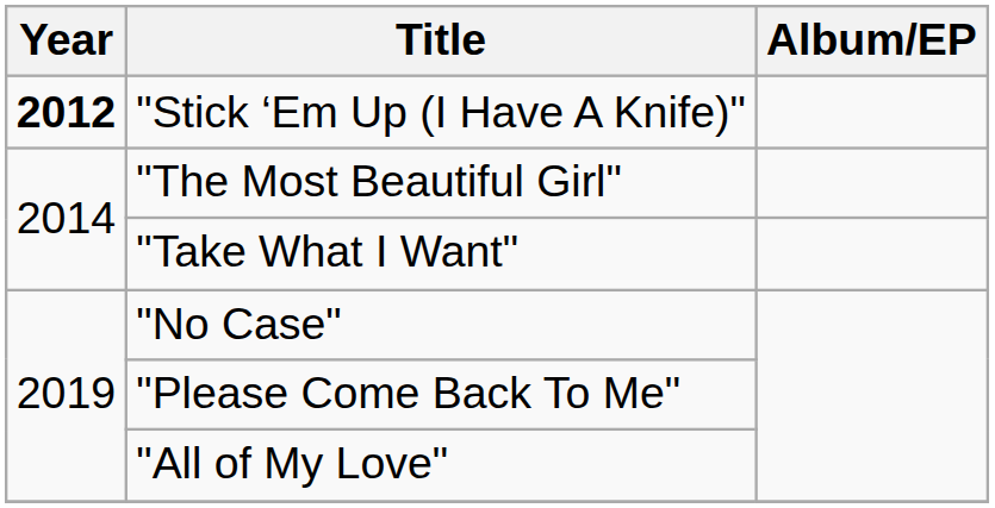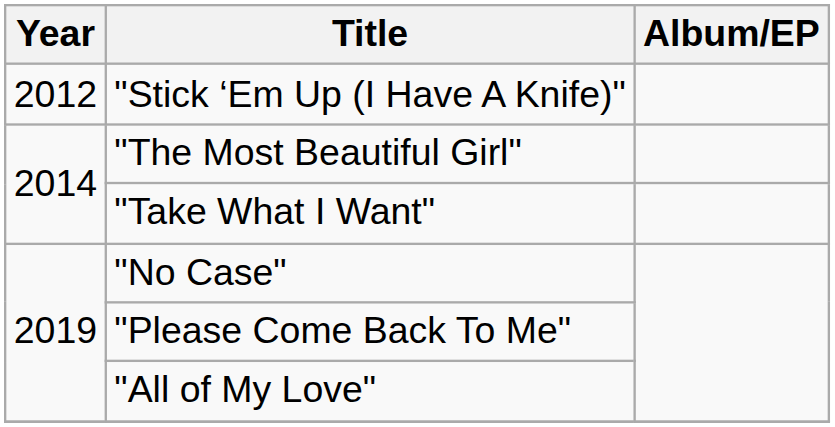 <table class="wikitable">
 <tr>
 <th>Year</th>
 <th>Title</th>
 <th>Album/EP</th>
 </tr>
 <tr>
-<td><strong>2012</strong></td>
+<td>2012</td>
 <td>"Stick ‘Em Up (I Have A Knife)"</td>
 <td></td>
 </tr>
 <tr>
 <td rowspan="2">2014</td>
 <td>"The Most Beautiful Girl"</td>
 <td></td>
 </tr>
 <tr>
 <td>"Take What I Want"</td>
 <td></td>
 </tr>
 <tr>
 <td rowspan="3">2019</td>
 <td>"No Case"</td>
 <td rowspan="3"></td>
 </tr>
 <tr>
 <td>"Please Come Back To Me"</td>
 </tr>
 <tr>
 <td>"All of My Love"</td>
 </tr>
 <tr>
 </tr>
 </table>
